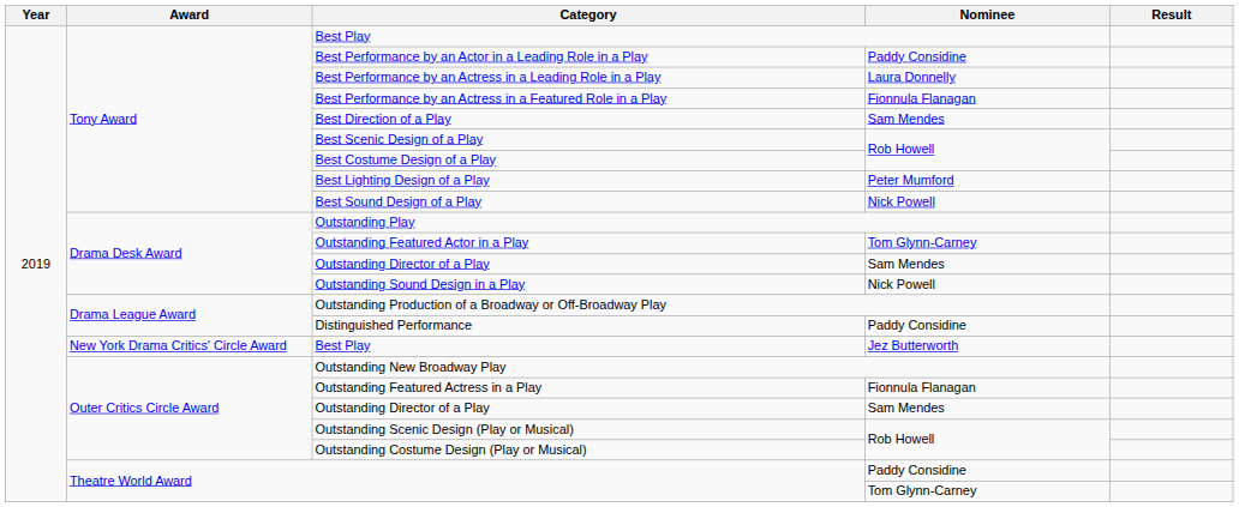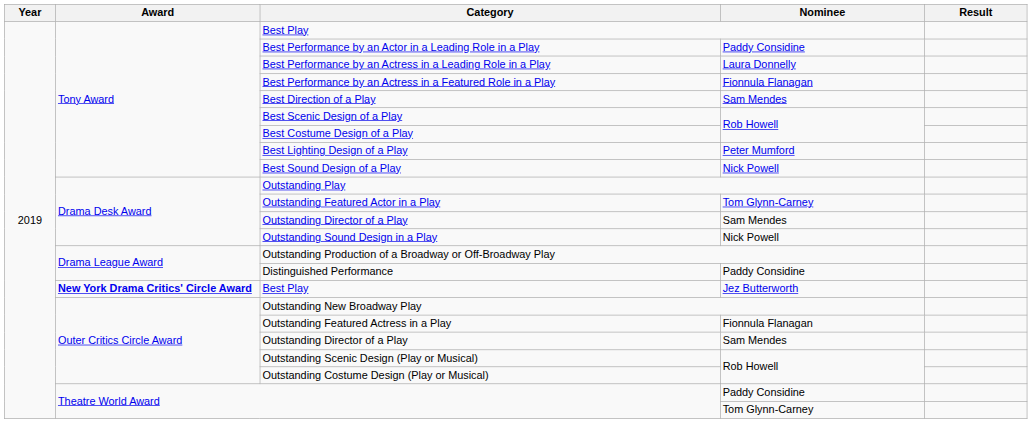 <table class="wikitable" width="95%">
 <tr>
 <th width="5%">Year</th>
 <th width="20%">Award</th>
 <th width="45%">Category</th>
 <th width="20%">Nominee</th>
 <th width="10%">Result</th>
 </tr>
 <tr>
 <td rowspan="23" align="center">2019</td>
 <td rowspan="9"><a href='#'>Tony Award</a></td>
 <td colspan="2"><a href='#'>Best Play</a></td>
 <td></td>
 </tr>
 <tr>
 <td><a href='#'>Best Performance by an Actor in a Leading Role in a Play</a></td>
 <td><a href='#'>Paddy Considine</a></td>
 <td></td>
 </tr>
 <tr>
 <td><a href='#'>Best Performance by an Actress in a Leading Role in a Play</a></td>
 <td><a href='#'>Laura Donnelly</a></td>
 <td></td>
 </tr>
 <tr>
 <td><a href='#'>Best Performance by an Actress in a Featured Role in a Play</a></td>
 <td><a href='#'>Fionnula Flanagan</a></td>
 <td></td>
 </tr>
 <tr>
 <td><a href='#'>Best Direction of a Play</a></td>
 <td><a href='#'>Sam Mendes</a></td>
 <td></td>
 </tr>
 <tr>
 <td><a href='#'>Best Scenic Design of a Play</a></td>
 <td rowspan="2"><a href='#'>Rob Howell</a></td>
 <td></td>
 </tr>
 <tr>
 <td><a href='#'>Best Costume Design of a Play</a></td>
 <td></td>
 </tr>
 <tr>
 <td><a href='#'>Best Lighting Design of a Play</a></td>
 <td><a href='#'>Peter Mumford</a></td>
 <td></td>
 </tr>
 <tr>
 <td><a href='#'>Best Sound Design of a Play</a></td>
 <td><a href='#'>Nick Powell</a></td>
 <td></td>
 </tr>
 <tr>
 <td rowspan="4"><a href='#'>Drama Desk Award</a></td>
 <td colspan="2"><a href='#'>Outstanding Play</a></td>
 <td></td>
 </tr>
 <tr>
 <td><a href='#'>Outstanding Featured Actor in a Play</a></td>
 <td><a href='#'>Tom Glynn-Carney</a></td>
 <td></td>
 </tr>
 <tr>
 <td><a href='#'>Outstanding Director of a Play</a></td>
 <td>Sam Mendes</td>
 <td></td>
 </tr>
 <tr>
 <td><a href='#'>Outstanding Sound Design in a Play</a></td>
 <td>Nick Powell</td>
 <td></td>
 </tr>
 <tr>
 <td rowspan="2"><a href='#'>Drama League Award</a></td>
 <td colspan="2">Outstanding Production of a Broadway or Off-Broadway Play</td>
 <td></td>
 </tr>
 <tr>
 <td>Distinguished Performance</td>
 <td>Paddy Considine</td>
 <td></td>
 </tr>
 <tr>
-<td><a href='#'>New York Drama Critics' Circle Award</a></td>
+<td><strong><a href='#'>New York Drama Critics' Circle Award</a></strong></td>
 <td><a href='#'>Best Play</a></td>
 <td rowspan="1"><a href='#'>Jez Butterworth</a></td>
 <td></td>
 </tr>
 <tr>
 <td rowspan="5"><a href='#'>Outer Critics Circle Award</a></td>
 <td colspan="2">Outstanding New Broadway Play</td>
 <td></td>
 </tr>
 <tr>
 <td>Outstanding Featured Actress in a Play</td>
 <td>Fionnula Flanagan</td>
 <td></td>
 </tr>
 <tr>
 <td>Outstanding Director of a Play</td>
 <td>Sam Mendes</td>
 <td></td>
 </tr>
 <tr>
 <td>Outstanding Scenic Design (Play or Musical)</td>
 <td rowspan="2">Rob Howell</td>
 <td></td>
 </tr>
 <tr>
 <td>Outstanding Costume Design (Play or Musical)</td>
 <td></td>
 </tr>
 <tr>
 <td colspan="2" rowspan="2"><a href='#'>Theatre World Award</a></td>
 <td>Paddy Considine</td>
 <td></td>
 </tr>
 <tr>
 <td>Tom Glynn-Carney</td>
 <td></td>
 </tr>
 </table>
